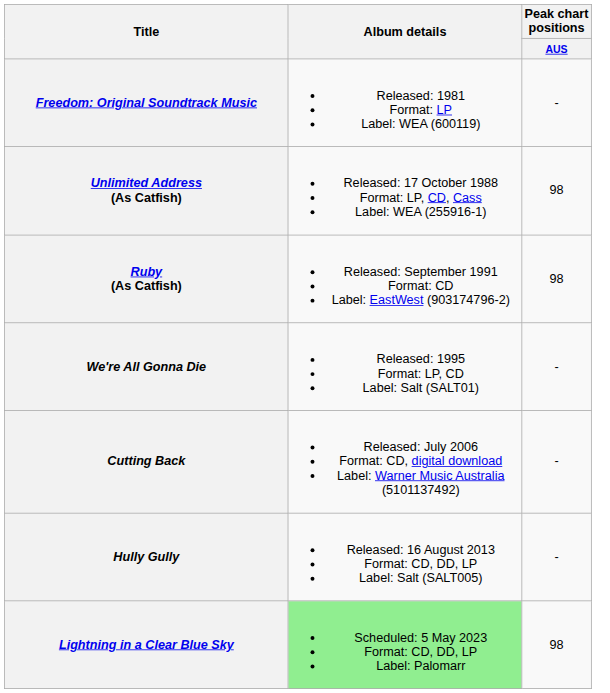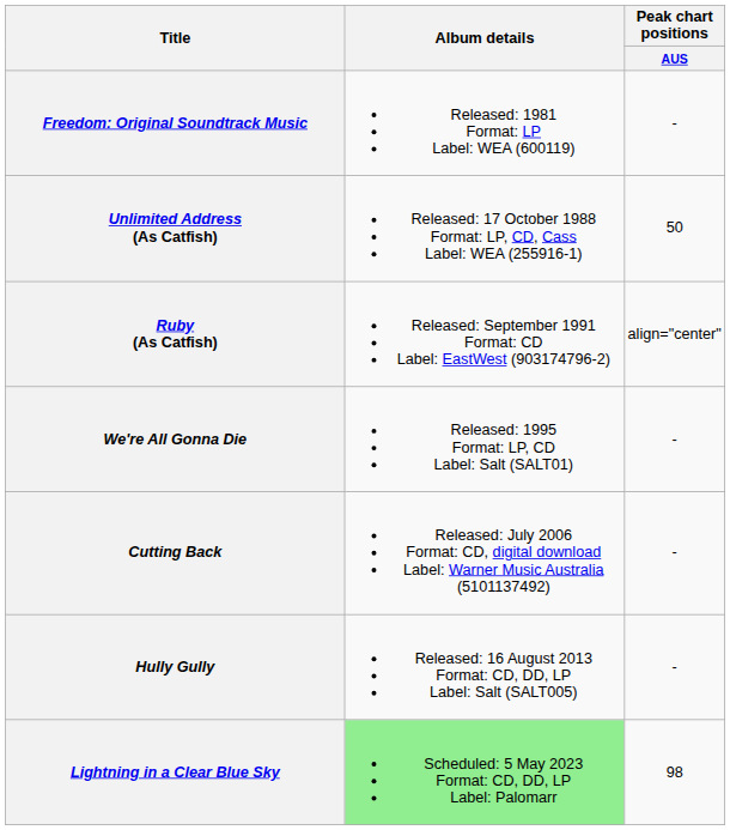 <table class="wikitable plainrowheaders" style="text-align:center;" border="1">
 <tr>
 <th scope="col" rowspan="2" style="width:22em;">Title</th>
 <th scope="col" rowspan="2" style="width:18em;">Album details</th>
 <th scope="col" colspan="1">Peak chart<br>positions</th>
 </tr>
 <tr>
 <th scope="col" style="text-align:center;"><small><a href='#'>AUS</a></small><br></th>
 </tr>
 <tr>
 <th scope="row"><em><a href='#'>Freedom: Original Soundtrack Music</a></em></th>
 <td><br><ul><li>Released: 1981</li><li>Format: <a href='#'>LP</a></li><li>Label: WEA (600119)</li></ul></td>
 <td align="center">-</td>
 </tr>
 <tr>
 <th scope="row"><em><a href='#'>Unlimited Address</a></em> <br> (As Catfish)</th>
 <td><br><ul><li>Released: 17 October 1988</li><li>Format: LP, <a href='#'>CD</a>, <a href='#'>Cass</a></li><li>Label: WEA (255916-1)</li></ul></td>
-<td align="center">98</td>
+<td align="center">50</td>
 </tr>
 <tr>
 <th scope="row"><em><a href='#'>Ruby</a></em> <br> (As Catfish)</th>
 <td><br><ul><li>Released: September 1991</li><li>Format: CD</li><li>Label: <a href='#'>EastWest</a> (903174796-2)</li></ul></td>
-<td align="center">98</td>
+<td>align="center" </td>
 </tr>
 <tr>
 <th scope="row"><em>We're All Gonna Die</em></th>
 <td><br><ul><li>Released: 1995</li><li>Format: LP, CD</li><li>Label: Salt (SALT01)</li></ul></td>
 <td align="center">-</td>
 </tr>
 <tr>
 <th scope="row"><em>Cutting Back</em></th>
 <td><br><ul><li>Released: July 2006</li><li>Format: CD, <a href='#'>digital download</a></li><li>Label: <a href='#'>Warner Music Australia</a> (5101137492)</li></ul></td>
 <td align="center">-</td>
 </tr>
 <tr>
 <th scope="row"><em>Hully Gully</em></th>
 <td><br><ul><li>Released: 16 August 2013</li><li>Format: CD, DD, LP</li><li>Label: Salt (SALT005)</li></ul></td>
 <td align="center">-</td>
 </tr>
 <tr>
 <th scope="row"><em><a href='#'>Lightning in a Clear Blue Sky</a></em></th>
 <td style="background: lightgreen;"><br><ul><li>Scheduled: 5 May 2023</li><li>Format: CD, DD, LP</li><li>Label: Palomarr</li></ul></td>
 <td align="center">98</td>
 </tr>
 </table>
